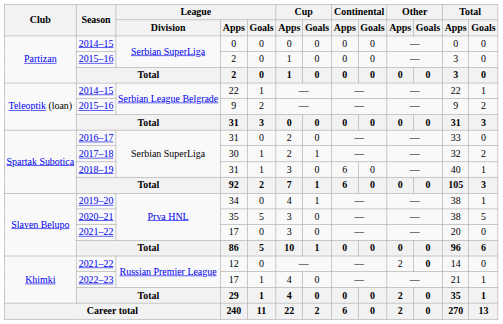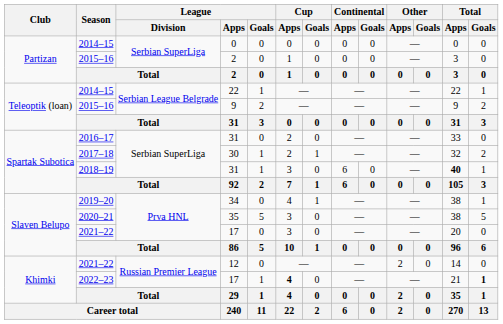 <table class="wikitable" style="text-align:center">
 <tr>
 <th rowspan="2">Club</th>
 <th rowspan="2">Season</th>
 <th colspan="3">League</th>
 <th colspan="2">Cup</th>
 <th colspan="2">Continental</th>
 <th colspan="2">Other</th>
 <th colspan="2">Total</th>
 </tr>
 <tr>
 <th>Division</th>
 <th>Apps</th>
 <th>Goals</th>
 <th>Apps</th>
 <th>Goals</th>
 <th>Apps</th>
 <th>Goals</th>
 <th>Apps</th>
 <th>Goals</th>
 <th>Apps</th>
 <th>Goals</th>
 </tr>
 <tr>
 <td rowspan="3"><a href='#'>Partizan</a></td>
 <td><a href='#'>2014–15</a></td>
 <td rowspan="2"><a href='#'>Serbian SuperLiga</a></td>
 <td>0</td>
 <td>0</td>
 <td>0</td>
 <td>0</td>
 <td>0</td>
 <td>0</td>
 <td colspan="2">—</td>
 <td>0</td>
 <td>0</td>
 </tr>
 <tr>
 <td><a href='#'>2015–16</a></td>
 <td>2</td>
 <td>0</td>
 <td>1</td>
 <td>0</td>
 <td>0</td>
 <td>0</td>
 <td colspan="2">—</td>
 <td>3</td>
 <td>0</td>
 </tr>
 <tr>
 <th colspan="2">Total</th>
 <th>2</th>
 <th>0</th>
 <th>1</th>
 <th>0</th>
 <th>0</th>
 <th>0</th>
 <th>0</th>
 <th>0</th>
 <th>3</th>
 <th>0</th>
 </tr>
 <tr>
 <td rowspan="3"><a href='#'>Teleoptik</a> (loan)</td>
 <td><a href='#'>2014–15</a></td>
 <td rowspan="2"><a href='#'>Serbian League Belgrade</a></td>
 <td>22</td>
 <td>1</td>
 <td colspan="2">—</td>
 <td colspan="2">—</td>
 <td colspan="2">—</td>
 <td>22</td>
 <td>1</td>
 </tr>
 <tr>
 <td><a href='#'>2015–16</a></td>
 <td>9</td>
 <td>2</td>
 <td colspan="2">—</td>
 <td colspan="2">—</td>
 <td colspan="2">—</td>
 <td>9</td>
 <td>2</td>
 </tr>
 <tr>
 <th colspan="2">Total</th>
 <th>31</th>
 <th>3</th>
 <th>0</th>
 <th>0</th>
 <th>0</th>
 <th>0</th>
 <th>0</th>
 <th>0</th>
 <th>31</th>
 <th>3</th>
 </tr>
 <tr>
 <td rowspan="4"><a href='#'>Spartak Subotica</a></td>
 <td><a href='#'>2016–17</a></td>
 <td rowspan="3">Serbian SuperLiga</td>
 <td>31</td>
 <td>0</td>
 <td>2</td>
 <td>0</td>
 <td colspan="2">—</td>
 <td colspan="2">—</td>
 <td>33</td>
 <td>0</td>
 </tr>
 <tr>
 <td><a href='#'>2017–18</a></td>
 <td>30</td>
 <td>1</td>
 <td>2</td>
 <td>1</td>
 <td colspan="2">—</td>
 <td colspan="2">—</td>
 <td>32</td>
 <td>2</td>
 </tr>
 <tr>
 <td><a href='#'>2018–19</a></td>
 <td>31</td>
 <td>1</td>
 <td>3</td>
 <td>0</td>
 <td>6</td>
 <td>0</td>
 <td colspan="2">—</td>
-<td>40</td>
+<td><strong>40</strong></td>
 <td>1</td>
 </tr>
 <tr>
 <th colspan="2">Total</th>
 <th>92</th>
 <th>2</th>
 <th>7</th>
 <th>1</th>
 <th>6</th>
 <th>0</th>
 <th>0</th>
 <th>0</th>
 <th>105</th>
 <th>3</th>
 </tr>
 <tr>
 <td rowspan="4"><a href='#'>Slaven Belupo</a></td>
 <td><a href='#'>2019–20</a></td>
 <td rowspan="3"><a href='#'>Prva HNL</a></td>
 <td>34</td>
 <td>0</td>
 <td>4</td>
 <td>1</td>
 <td colspan="2">—</td>
 <td colspan="2">—</td>
 <td>38</td>
 <td>1</td>
 </tr>
 <tr>
 <td><a href='#'>2020–21</a></td>
 <td>35</td>
 <td>5</td>
 <td>3</td>
 <td>0</td>
 <td colspan="2">—</td>
 <td colspan="2">—</td>
 <td>38</td>
 <td>5</td>
 </tr>
 <tr>
 <td><a href='#'>2021–22</a></td>
 <td>17</td>
 <td>0</td>
 <td>3</td>
 <td>0</td>
 <td colspan="2">—</td>
 <td colspan="2">—</td>
 <td>20</td>
 <td>0</td>
 </tr>
 <tr>
 <th colspan="2">Total</th>
 <th>86</th>
 <th>5</th>
 <th>10</th>
 <th>1</th>
 <th>0</th>
 <th>0</th>
 <th>0</th>
 <th>0</th>
 <th>96</th>
 <th>6</th>
 </tr>
 <tr>
 <td rowspan="3"><a href='#'>Khimki</a></td>
 <td><a href='#'>2021–22</a></td>
 <td rowspan="2"><a href='#'>Russian Premier League</a></td>
 <td>12</td>
 <td>0</td>
 <td colspan="2">—</td>
 <td colspan="2">—</td>
 <td>2</td>
-<td><strong>0</strong></td>
+<td>0</td>
 <td>14</td>
 <td>0</td>
 </tr>
 <tr>
 <td><a href='#'>2022–23</a></td>
 <td>17</td>
 <td>1</td>
-<td>4</td>
+<td><strong>4</strong></td>
 <td>0</td>
 <td colspan="2">—</td>
 <td colspan="2">—</td>
 <td>21</td>
-<td>1</td>
+<td><strong>1</strong></td>
 </tr>
 <tr>
 <th colspan="2">Total</th>
 <th>29</th>
 <th>1</th>
 <th>4</th>
 <th>0</th>
 <th>0</th>
 <th>0</th>
 <th>2</th>
 <th>0</th>
 <th>35</th>
 <th>1</th>
 </tr>
 <tr>
 <th colspan="3">Career total</th>
 <th>240</th>
 <th>11</th>
 <th>22</th>
 <th>2</th>
 <th>6</th>
 <th>0</th>
 <th>2</th>
 <th>0</th>
 <th>270</th>
 <th>13</th>
 </tr>
 </table>
